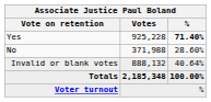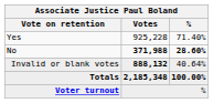 <table class="wikitable" style="font-size: 95%;">
 <tr style="background-color:#E9E9E9">
 <th colspan=7>Associate Justice Paul Boland</th>
 </tr>
 <tr style="background-color:#E9E9E9">
 <th style="width: 170px">Vote on retention</th>
 <th style="width: 50px">Votes</th>
 <th style="width: 40px">%</th>
 </tr>
 <tr>
 <td>Yes</td>
 <td align="right">925,228</td>
-<td align="right"><strong>71.40%</strong></td>
+<td align="right">71.40%</td>
 </tr>
 <tr>
 <td>No</td>
-<td align="right">371,988</td>
-<td align="right">28.60%</td>
+<td align="right"><strong>371,988</strong></td>
+<td align="right"><strong>28.60%</strong></td>
 </tr>
 <tr bgcolor="#EEEEEE">
 <td align="right">Invalid or blank votes</td>
-<td align="right">888,132</td>
+<td align="right"><strong>888,132</strong></td>
 <td align="right">40.64%</td>
 </tr>
 <tr bgcolor="#EEEEEE">
 <td align="right"><strong>Totals</strong></td>
 <td align="right"><strong>2,185,348</strong></td>
 <td align="right"><strong>100.00%</strong></td>
 </tr>
 <tr bgcolor="#EEEEEE">
 <td align="right"><strong><a href='#'>Voter turnout</a></strong></td>
 <td colspan="2" align="right">%</td>
 </tr>
 </table>
